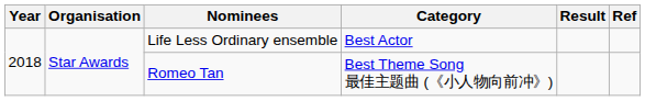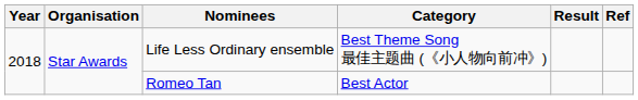 <table class="wikitable sortable">
 <tr>
 <th>Year</th>
 <th>Organisation</th>
 <th>Nominees</th>
 <th>Category</th>
 <th>Result</th>
 <th>Ref</th>
 </tr>
 <tr>
 <td rowspan="2">2018</td>
 <td rowspan="10"><a href='#'>Star Awards</a></td>
 <td>Life Less Ordinary ensemble</td>
-<td><a href='#'>Best Actor</a></td>
+<td><a href='#'>Best Theme Song</a> <br> 最佳主题曲 (《小人物向前冲》)</td>
 <td></td>
 <td></td>
 </tr>
 <tr>
 <td><a href='#'>Romeo Tan</a></td>
-<td><a href='#'>Best Theme Song</a> <br> 最佳主题曲 (《小人物向前冲》)</td>
+<td><a href='#'>Best Actor</a></td>
 <td></td>
 <td></td>
 </tr>
 </table>
